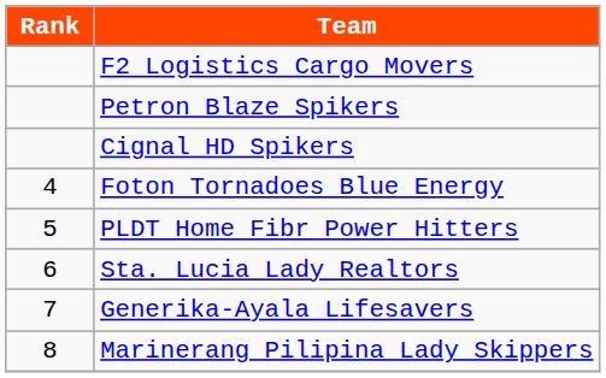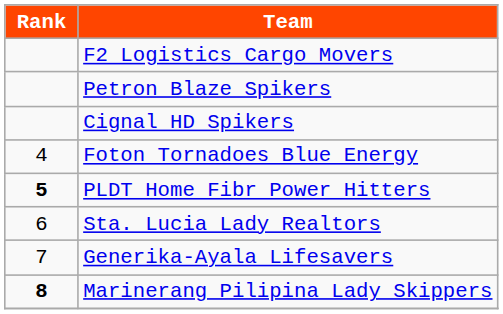 <table class="wikitable" style="text-align: center;">
 <tr>
 <th width=40 style="background:#FF4500; color:#FFFFFF;">Rank</th>
 <th style="background:#FF4500; color:#FFFFFF;">Team</th>
 </tr>
 <tr>
 <td></td>
 <td style="text-align: left;"><a href='#'>F2 Logistics Cargo Movers</a></td>
 </tr>
 <tr>
 <td></td>
 <td style="text-align: left;"><a href='#'>Petron Blaze Spikers</a></td>
 </tr>
 <tr>
 <td></td>
 <td style="text-align: left;"><a href='#'>Cignal HD Spikers</a></td>
 </tr>
 <tr>
 <td>4</td>
 <td style="text-align: left;"><a href='#'>Foton Tornadoes Blue Energy</a></td>
 </tr>
 <tr>
-<td>5</td>
+<td><strong>5</strong></td>
 <td style="text-align: left;"><a href='#'>PLDT Home Fibr Power Hitters</a></td>
 </tr>
 <tr>
 <td>6</td>
 <td style="text-align: left;"><a href='#'>Sta. Lucia Lady Realtors</a></td>
 </tr>
 <tr>
 <td>7</td>
 <td style="text-align: left;"><a href='#'>Generika-Ayala Lifesavers</a></td>
 </tr>
 <tr>
-<td>8</td>
+<td><strong>8</strong></td>
 <td style="text-align: left;"><a href='#'>Marinerang Pilipina Lady Skippers</a></td>
 </tr>
 <tr>
 </tr>
 </table>
